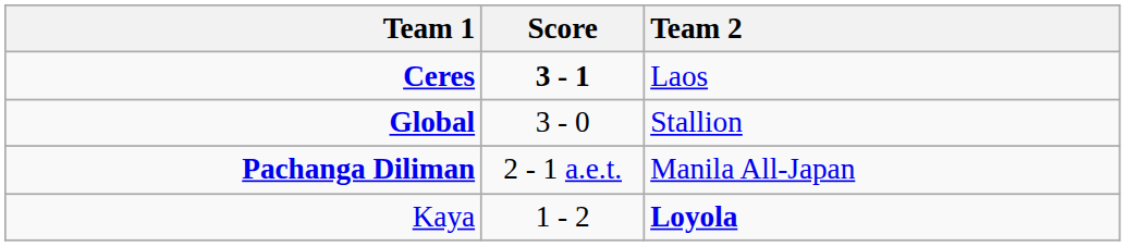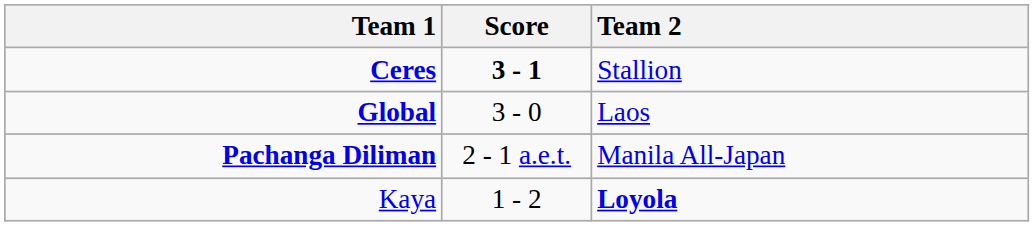 <table class="wikitable" style="align:center">
 <tr>
 <th width=250 style="text-align:right">Team 1</th>
 <th width=80 style="text-align:center">Score</th>
 <th width=250 style="text-align:left">Team 2</th>
 </tr>
 <tr>
 <td align="right"><strong><a href='#'>Ceres</a></strong></td>
 <td align="center"><strong>3 - 1</strong></td>
-<td><a href='#'>Laos</a></td>
+<td><a href='#'>Stallion</a></td>
 </tr>
 <tr>
 <td align="right"><strong><a href='#'>Global</a></strong></td>
 <td align="center">3 - 0</td>
-<td><a href='#'>Stallion</a></td>
+<td><a href='#'>Laos</a></td>
 </tr>
 <tr>
 <td align="right"><strong><a href='#'>Pachanga Diliman</a></strong></td>
 <td align="center">2 - 1 <a href='#'>a.e.t.</a></td>
 <td><a href='#'>Manila All-Japan</a></td>
 </tr>
 <tr>
 <td align="right"><a href='#'>Kaya</a></td>
 <td align="center">1 - 2</td>
 <td><strong><a href='#'>Loyola</a></strong></td>
 </tr>
 </table>
